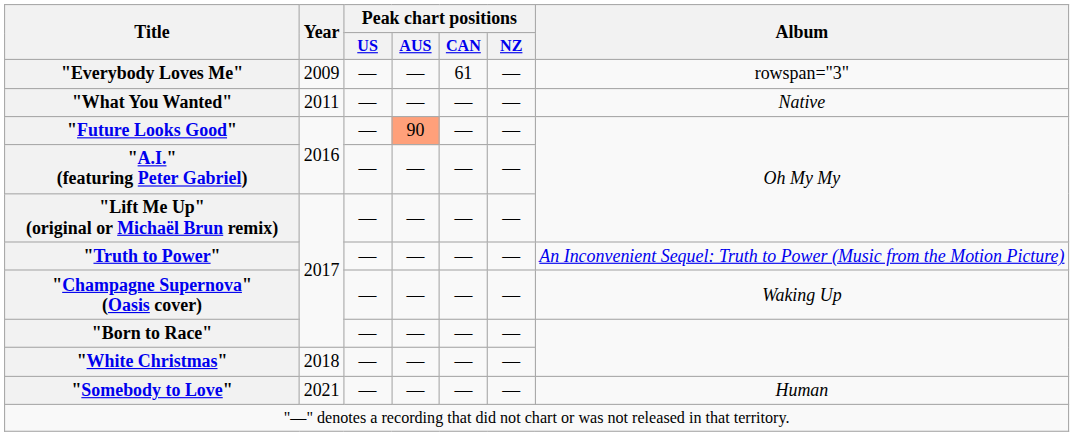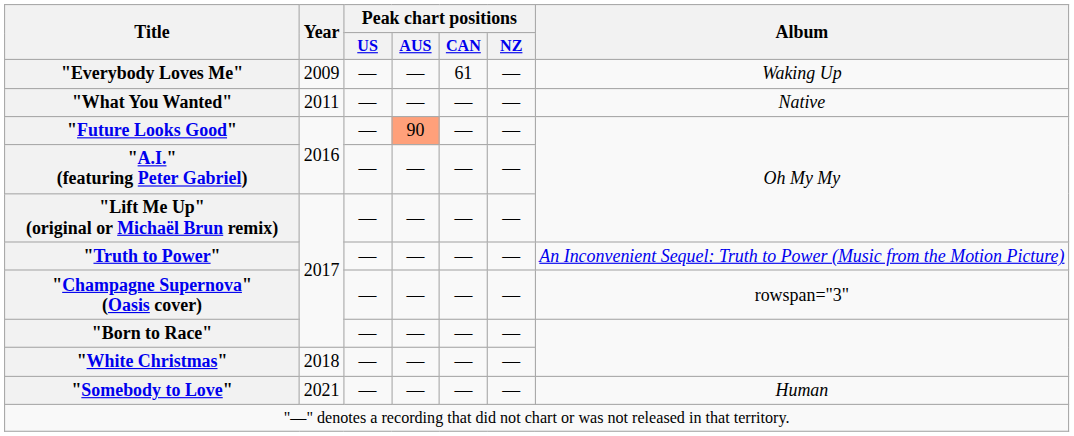 <table class="wikitable plainrowheaders" style="text-align:center;" border="1">
 <tr>
 <th scope="col" rowspan="2" style="width:16em;">Title</th>
 <th scope="col" rowspan="2">Year</th>
 <th scope="col" colspan="4">Peak chart positions</th>
 <th scope="col" rowspan="2">Album</th>
 </tr>
 <tr>
 <th scope="col" style="width:2.5em;font-size:90%;"><a href='#'>US</a><br></th>
 <th scope="col" style="width:2.5em;font-size:90%;"><a href='#'>AUS</a><br></th>
 <th scope="col" style="width:2.5em;font-size:90%;"><a href='#'>CAN</a><br></th>
 <th scope="col" style="width:2.5em;font-size:90%;"><a href='#'>NZ</a><br></th>
 </tr>
 <tr>
 <th scope="row">"Everybody Loves Me"</th>
 <td>2009</td>
 <td>—</td>
 <td>—</td>
 <td>61</td>
 <td>—</td>
-<td>rowspan="3" </td>
+<td><em>Waking Up</em></td>
 </tr>
 <tr>
 <th scope="row">"What You Wanted"</th>
 <td>2011</td>
 <td>—</td>
 <td>—</td>
 <td>—</td>
 <td>—</td>
 <td><em>Native</em></td>
 </tr>
 <tr>
 <th scope="row">"<a href='#'>Future Looks Good</a>"</th>
 <td rowspan="2">2016</td>
 <td>—</td>
 <td style="background: lightsalmon;">90</td>
 <td>—</td>
 <td>—</td>
 <td rowspan="3"><em>Oh My My</em></td>
 </tr>
 <tr>
 <th scope="row">"<a href='#'>A.I.</a>"<br><span>(featuring <a href='#'>Peter Gabriel</a>)</span></th>
 <td>—</td>
 <td>—</td>
 <td>—</td>
 <td>—</td>
 </tr>
 <tr>
 <th scope="row">"Lift Me Up"<br><span>(original or <a href='#'>Michaël Brun</a> remix)</span></th>
 <td rowspan="4">2017</td>
 <td>—</td>
 <td>—</td>
 <td>—</td>
 <td>—</td>
 </tr>
 <tr>
 <th scope="row">"<a href='#'>Truth to Power</a>"</th>
 <td>—</td>
 <td>—</td>
 <td>—</td>
 <td>—</td>
 <td><em><a href='#'>An Inconvenient Sequel: Truth to Power (Music from the Motion Picture)</a></em></td>
 </tr>
 <tr>
 <th scope="row">"<a href='#'>Champagne Supernova</a>"<br><span>(<a href='#'>Oasis</a> cover)</span></th>
 <td>—</td>
 <td>—</td>
 <td>—</td>
 <td>—</td>
-<td><em>Waking Up</em></td>
+<td>rowspan="3" </td>
 </tr>
 <tr>
 <th scope="row">"Born to Race"</th>
 <td>—</td>
 <td>—</td>
 <td>—</td>
 <td>—</td>
 </tr>
 <tr>
 <th scope="row">"<a href='#'>White Christmas</a>"</th>
 <td>2018</td>
 <td>—</td>
 <td>—</td>
 <td>—</td>
 <td>—</td>
 </tr>
 <tr>
 <th scope="row">"<a href='#'>Somebody to Love</a>"</th>
 <td>2021</td>
 <td>—</td>
 <td>—</td>
 <td>—</td>
 <td>—</td>
 <td><em>Human</em></td>
 </tr>
 <tr>
 <td colspan="14" style="font-size:90%">"—" denotes a recording that did not chart or was not released in that territory.</td>
 </tr>
 </table>
